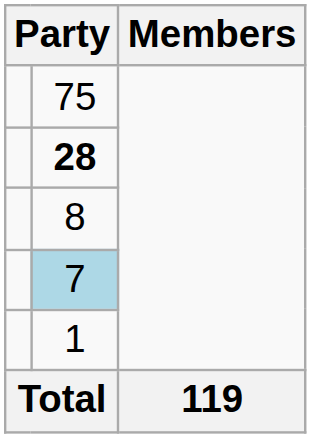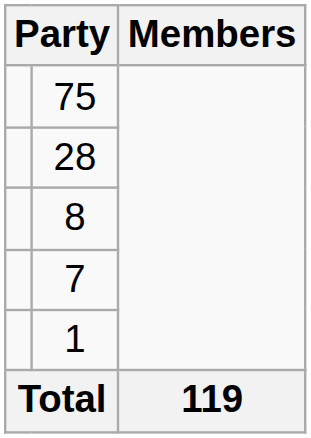 <table class="wikitable sortable">
 <tr>
 <th colspan="2">Party</th>
 <th>Members</th>
 </tr>
 <tr>
 <td></td>
 <td style="text-align: center;">75</td>
 </tr>
 <tr>
 <td></td>
-<td style="text-align: center;"><strong>28</strong></td>
+<td style="text-align: center;">28</td>
 </tr>
 <tr>
 <td></td>
 <td style="text-align: center;">8</td>
 </tr>
 <tr>
 <td></td>
-<td style="background: lightblue; text-align: center;">7</td>
+<td style="text-align: center;">7</td>
 </tr>
 <tr>
 <td></td>
 <td style="text-align: center;">1</td>
 </tr>
 <tr>
 <th colspan="2"><strong>Total</strong></th>
 <th>119</th>
 </tr>
 </table>
